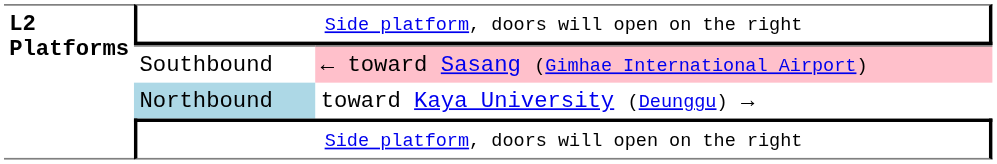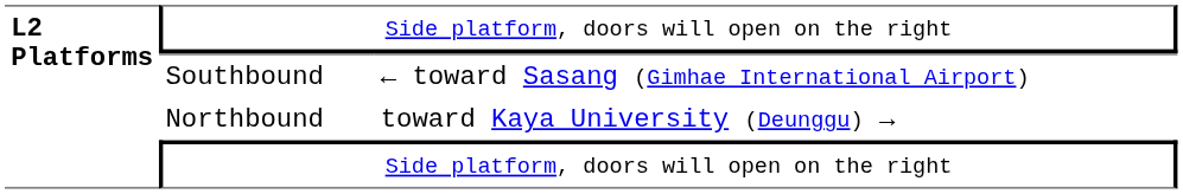 <table table border=0 cellspacing=0 cellpadding=3>
 <tr>
 <td style="border-top:solid 1px gray;border-bottom:solid 1px gray;" width=50 rowspan=10 valign=top><strong>L2<br>Platforms</strong></td>
 <td style="border-top:solid 1px gray;border-right:solid 2px black;border-left:solid 2px black;border-bottom:solid 2px black;text-align:center;" colspan=2><small><a href='#'>Side platform</a>, doors will open on the right</small></td>
 </tr>
 <tr>
 <td style="border-bottom:solid 0px gray;border-top:solid 1px gray;" width=100>Southbound</td>
-<td style="background: pink; border-bottom:solid 0px gray;border-top:solid 1px gray;" width=390>←  toward <a href='#'>Sasang</a> <small>(<a href='#'>Gimhae International Airport</a>)</small></td>
+<td style="border-bottom:solid 0px gray;border-top:solid 1px gray;" width=390>←  toward <a href='#'>Sasang</a> <small>(<a href='#'>Gimhae International Airport</a>)</small></td>
 </tr>
 <tr>
-<td style="background: lightblue;">Northbound</td>
+<td>Northbound</td>
 <td>  toward <a href='#'>Kaya University</a> <small>(<a href='#'>Deunggu</a>)</small> →</td>
 </tr>
 <tr>
 <td style="border-top:solid 2px black;border-right:solid 2px black;border-left:solid 2px black;border-bottom:solid 1px gray;text-align:center;" colspan=2><small><a href='#'>Side platform</a>, doors will open on the right</small></td>
 </tr>
 </table>
